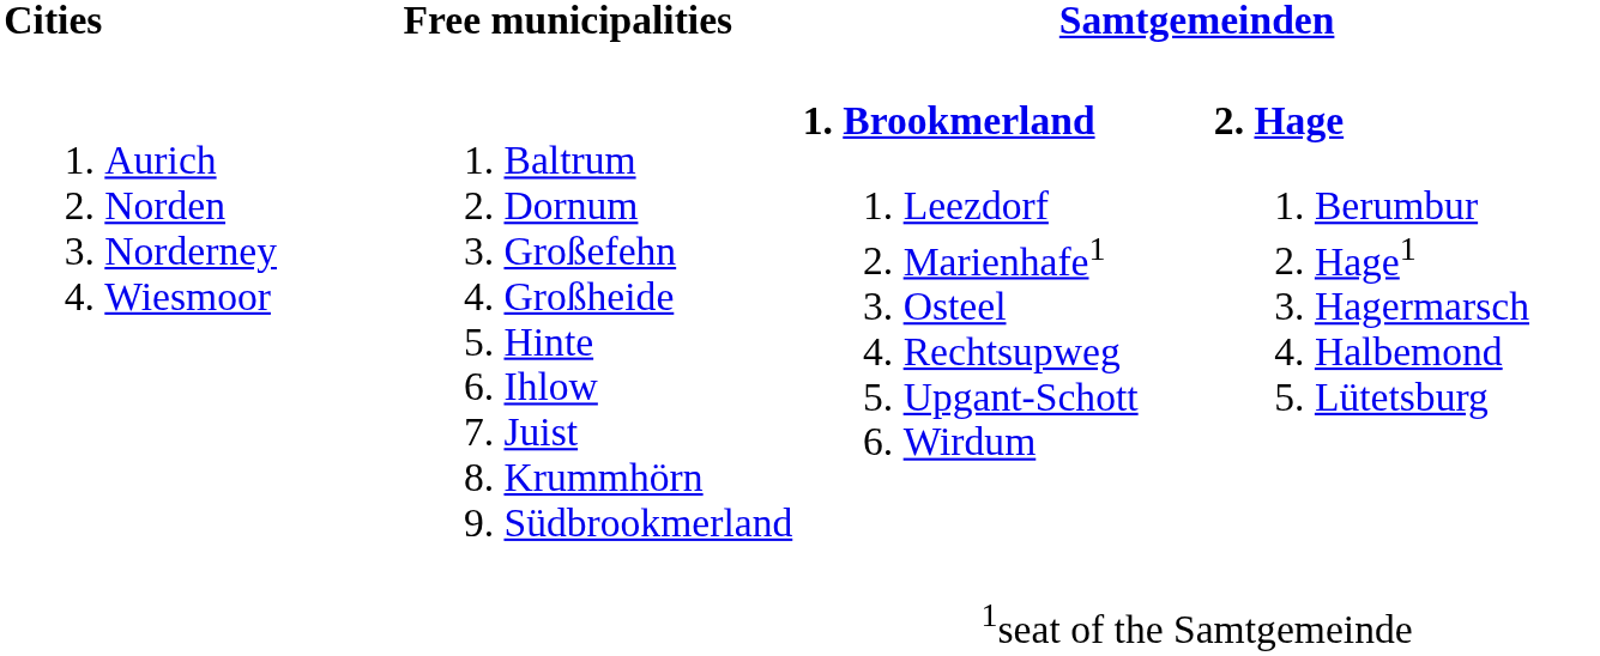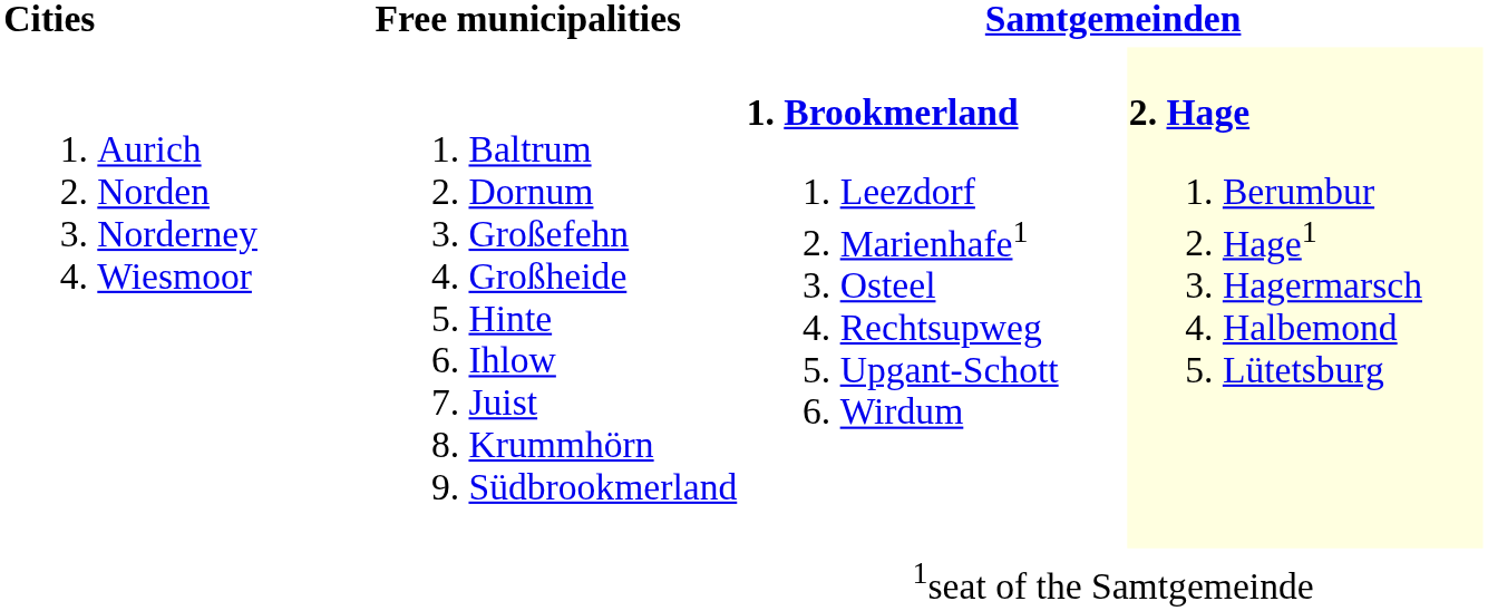 <table>
 <tr>
 <th align=left width=25%>Cities</th>
 <th align=left width=25%>Free municipalities</th>
 <th colspan=2 align=center width=50%><a href='#'>Samtgemeinden</a></th>
 </tr>
 <tr valign=top>
 <td><br><ol><li><a href='#'>Aurich</a></li><li><a href='#'>Norden</a></li><li><a href='#'>Norderney</a></li><li><a href='#'>Wiesmoor</a></li></ol></td>
 <td><br><ol><li><a href='#'>Baltrum</a></li><li><a href='#'>Dornum</a></li><li><a href='#'>Großefehn</a></li><li><a href='#'>Großheide</a></li><li><a href='#'>Hinte</a></li><li><a href='#'>Ihlow</a></li><li><a href='#'>Juist</a></li><li><a href='#'>Krummhörn</a></li><li><a href='#'>Südbrookmerland</a></li></ol></td>
 <td><br><strong>1. <a href='#'>Brookmerland</a></strong><ol><li><a href='#'>Leezdorf</a></li><li><a href='#'>Marienhafe</a><sup>1</sup></li><li><a href='#'>Osteel</a></li><li><a href='#'>Rechtsupweg</a></li><li><a href='#'>Upgant-Schott</a></li><li><a href='#'>Wirdum</a></li></ol></td>
-<td><br><strong>2. <a href='#'>Hage</a></strong><ol><li><a href='#'>Berumbur</a></li><li><a href='#'>Hage</a><sup>1</sup></li><li><a href='#'>Hagermarsch</a></li><li><a href='#'>Halbemond</a></li><li><a href='#'>Lütetsburg</a></li></ol></td>
+<td style="background: lightyellow;"><br><strong>2. <a href='#'>Hage</a></strong><ol><li><a href='#'>Berumbur</a></li><li><a href='#'>Hage</a><sup>1</sup></li><li><a href='#'>Hagermarsch</a></li><li><a href='#'>Halbemond</a></li><li><a href='#'>Lütetsburg</a></li></ol></td>
 </tr>
 <tr>
 <td></td>
 <td></td>
 <td colspan=2 align=center><sup>1</sup>seat of the Samtgemeinde</td>
 </tr>
 </table>
